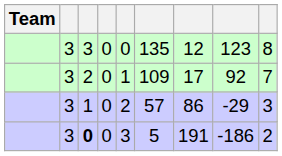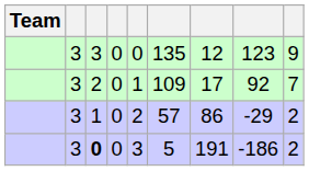 <table class="wikitable" style="text-align: center;">
 <tr>
 <th>Team</th>
 <th></th>
 <th></th>
 <th></th>
 <th></th>
 <th></th>
 <th></th>
 <th></th>
 <th></th>
 </tr>
 <tr bgcolor="ccffcc">
 <td align="left"></td>
 <td>3</td>
 <td>3</td>
 <td>0</td>
 <td>0</td>
 <td>135</td>
 <td>12</td>
 <td>123</td>
-<td>8</td>
+<td>9</td>
 </tr>
 <tr bgcolor="ccffcc">
 <td align="left"></td>
 <td>3</td>
 <td>2</td>
 <td>0</td>
 <td>1</td>
 <td>109</td>
 <td>17</td>
 <td>92</td>
 <td>7</td>
 </tr>
 <tr bgcolor="ccccff">
 <td align="left"></td>
 <td>3</td>
 <td>1</td>
 <td>0</td>
 <td>2</td>
 <td>57</td>
 <td>86</td>
 <td>-29</td>
-<td>3</td>
+<td>2</td>
 </tr>
 <tr bgcolor="ccccff">
 <td align="left"></td>
 <td>3</td>
 <td><strong>0</strong></td>
 <td>0</td>
 <td>3</td>
 <td>5</td>
 <td>191</td>
 <td>-186</td>
 <td>2</td>
 </tr>
 </table>
